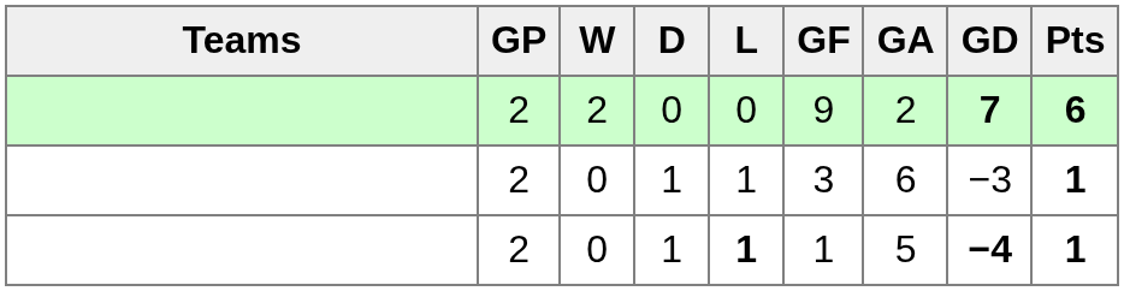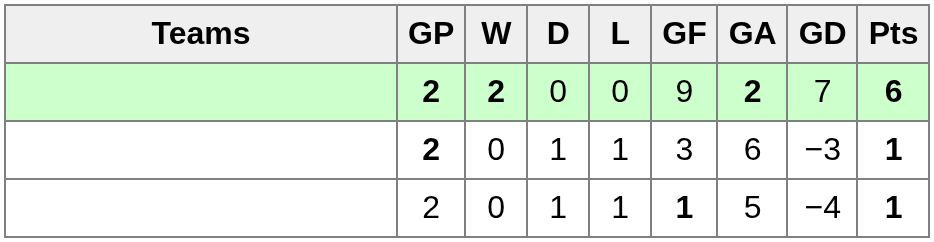 <table style=border-collapse:collapse border=1 cellspacing=0 cellpadding=5>
 <tr align=center bgcolor=#efefef>
 <th width=185>Teams</th>
 <th width=20>GP</th>
 <th width=20>W</th>
 <th width=20>D</th>
 <th width=20>L</th>
 <th width=20>GF</th>
 <th width=20>GA</th>
 <th width=20>GD</th>
 <th width=20>Pts</th>
 </tr>
 <tr align=center style="background:#ccffcc;">
 <td style="text-align:left;"></td>
-<td>2</td>
-<td>2</td>
+<td><strong>2</strong></td>
+<td><strong>2</strong></td>
 <td>0</td>
 <td>0</td>
 <td>9</td>
-<td>2</td>
-<td><strong>7</strong></td>
+<td><strong>2</strong></td>
+<td>7</td>
 <td><strong>6</strong></td>
 </tr>
 <tr align=center>
 <td style="text-align:left;"></td>
-<td>2</td>
+<td><strong>2</strong></td>
 <td>0</td>
 <td>1</td>
 <td>1</td>
 <td>3</td>
 <td>6</td>
 <td>−3</td>
 <td><strong>1</strong></td>
 </tr>
 <tr align=center>
 <td style="text-align:left;"></td>
 <td>2</td>
 <td>0</td>
 <td>1</td>
+<td>1</td>
 <td><strong>1</strong></td>
-<td>1</td>
 <td>5</td>
-<td><strong>−4</strong></td>
+<td>−4</td>
 <td><strong>1</strong></td>
 </tr>
 <tr align=center>
 </tr>
 </table>
